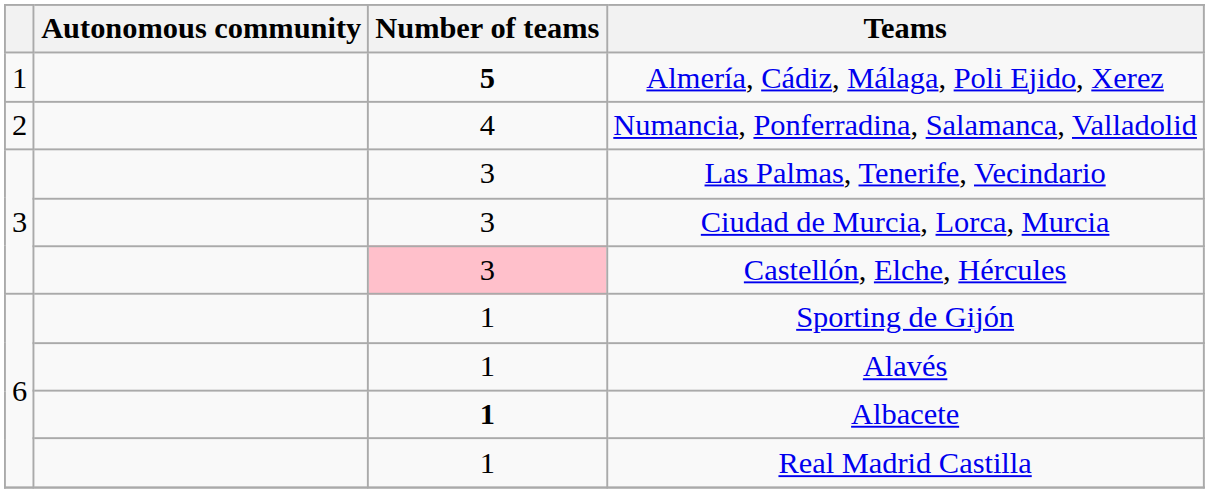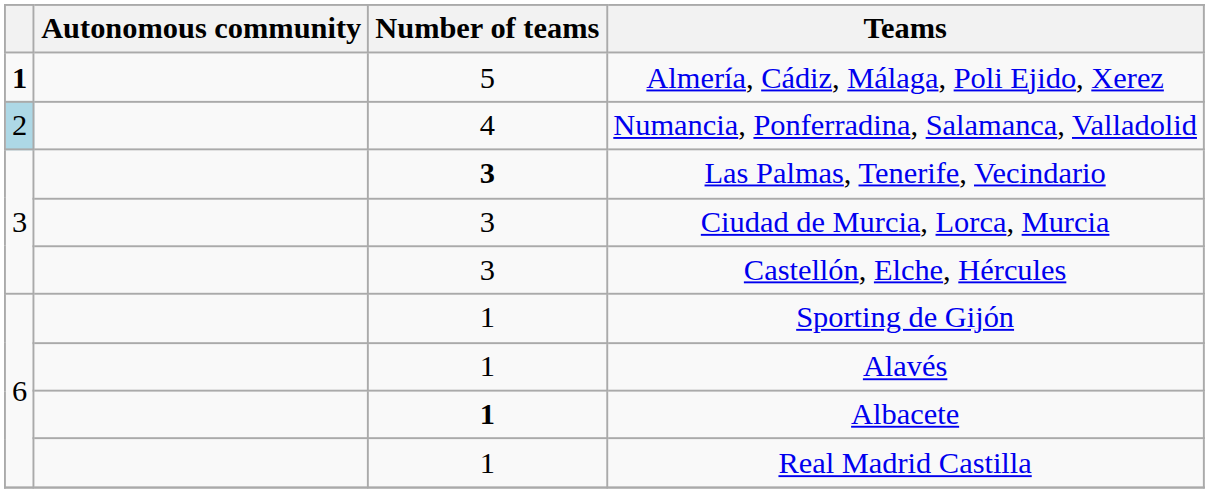 <table class="wikitable">
 <tr>
 <th></th>
 <th>Autonomous community</th>
 <th>Number of teams</th>
 <th>Teams</th>
 </tr>
 <tr>
-<td>1</td>
+<td><strong>1</strong></td>
 <td></td>
-<td align=center><strong>5</strong></td>
+<td align=center>5</td>
 <td align=center><a href='#'>Almería</a>, <a href='#'>Cádiz</a>, <a href='#'>Málaga</a>, <a href='#'>Poli Ejido</a>, <a href='#'>Xerez</a></td>
 </tr>
 <tr>
-<td>2</td>
+<td style="background: lightblue;">2</td>
 <td></td>
 <td align=center>4</td>
 <td align=center><a href='#'>Numancia</a>, <a href='#'>Ponferradina</a>, <a href='#'>Salamanca</a>, <a href='#'>Valladolid</a></td>
 </tr>
 <tr>
 <td rowspan=3>3</td>
 <td></td>
-<td align=center>3</td>
+<td align=center><strong>3</strong></td>
 <td align=center><a href='#'>Las Palmas</a>, <a href='#'>Tenerife</a>, <a href='#'>Vecindario</a></td>
 </tr>
 <tr>
 <td></td>
 <td align=center>3</td>
 <td align=center><a href='#'>Ciudad de Murcia</a>, <a href='#'>Lorca</a>, <a href='#'>Murcia</a></td>
 </tr>
 <tr>
 <td></td>
-<td align=center style="background: pink;">3</td>
+<td align=center>3</td>
 <td align=center><a href='#'>Castellón</a>, <a href='#'>Elche</a>, <a href='#'>Hércules</a></td>
 </tr>
 <tr>
 <td rowspan=4>6</td>
 <td></td>
 <td align=center>1</td>
 <td align=center><a href='#'>Sporting de Gijón</a></td>
 </tr>
 <tr>
 <td></td>
 <td align=center>1</td>
 <td align=center><a href='#'>Alavés</a></td>
 </tr>
 <tr>
 <td></td>
 <td align=center><strong>1</strong></td>
 <td align=center><a href='#'>Albacete</a></td>
 </tr>
 <tr>
 <td></td>
 <td align=center>1</td>
 <td align=center><a href='#'>Real Madrid Castilla</a></td>
 </tr>
 <tr>
 </tr>
 </table>
